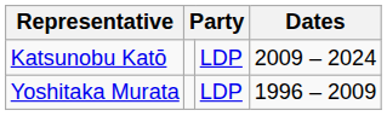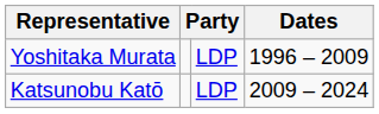 <table class="wikitable">
 <tr>
 <th>Representative</th>
 <th colspan="2">Party</th>
 <th>Dates</th>
 </tr>
 <tr>
+<td><a href='#'>Yoshitaka Murata</a></td>
+<td></td>
+<td><a href='#'>LDP</a></td>
+<td>1996 – 2009</td>
+</tr>
+<tr>
 <td><a href='#'>Katsunobu Katō</a></td>
 <td></td>
 <td><a href='#'>LDP</a></td>
 <td>2009 – 2024</td>
 </tr>
-<tr>
-<td><a href='#'>Yoshitaka Murata</a></td>
-<td></td>
-<td><a href='#'>LDP</a></td>
-<td>1996 – 2009</td>
-</tr>
 </table>
